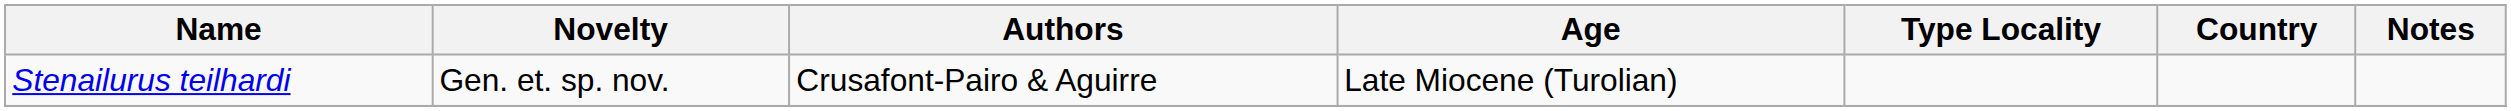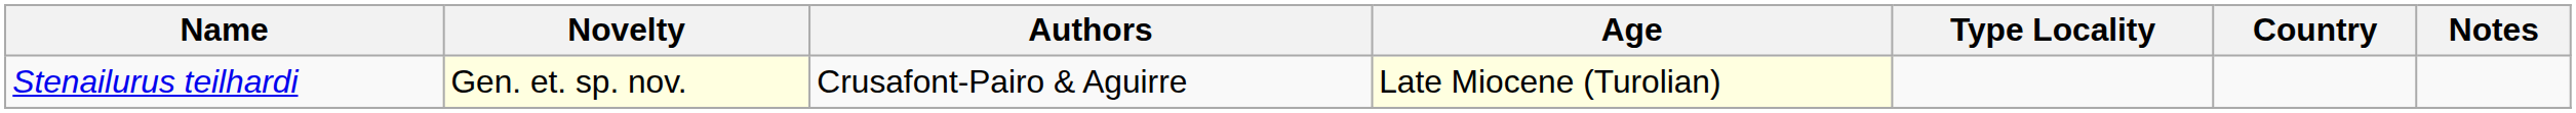 <table class="wikitable sortable" align="center" width="100%">
 <tr>
 <th>Name</th>
 <th>Novelty</th>
 <th>Authors</th>
 <th>Age</th>
 <th>Type Locality</th>
 <th>Country</th>
 <th>Notes</th>
 </tr>
 <tr>
 <td><em><a href='#'>Stenailurus teilhardi</a></em></td>
-<td>Gen. et. sp. nov.</td>
+<td style="background: lightyellow;">Gen. et. sp. nov.</td>
 <td>Crusafont-Pairo & Aguirre</td>
-<td>Late Miocene (Turolian)</td>
+<td style="background: lightyellow;">Late Miocene (Turolian)</td>
 <td></td>
 <td></td>
 <td></td>
 </tr>
 <tr>
 </tr>
 </table>
